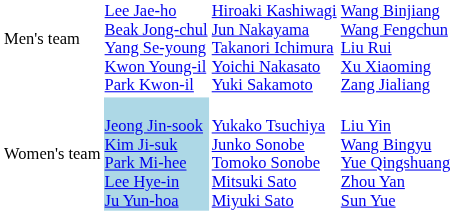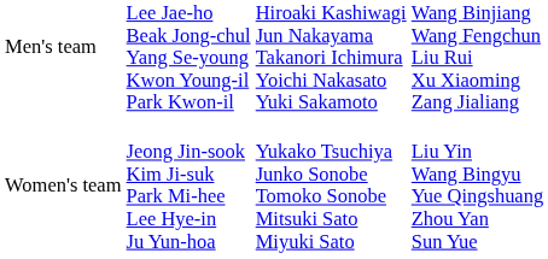 <table>
 <tr>
 <td>Men's team<br></td>
 <td><br><a href='#'>Lee Jae-ho</a><br><a href='#'>Beak Jong-chul</a><br><a href='#'>Yang Se-young</a><br><a href='#'>Kwon Young-il</a><br><a href='#'>Park Kwon-il</a></td>
 <td><br><a href='#'>Hiroaki Kashiwagi</a><br><a href='#'>Jun Nakayama</a><br><a href='#'>Takanori Ichimura</a><br><a href='#'>Yoichi Nakasato</a><br><a href='#'>Yuki Sakamoto</a></td>
 <td><br><a href='#'>Wang Binjiang</a><br><a href='#'>Wang Fengchun</a><br><a href='#'>Liu Rui</a><br><a href='#'>Xu Xiaoming</a><br><a href='#'>Zang Jialiang</a></td>
 </tr>
 <tr>
 <td>Women's team<br></td>
-<td style="background: lightblue;"><br><a href='#'>Jeong Jin-sook</a><br><a href='#'>Kim Ji-suk</a><br><a href='#'>Park Mi-hee</a><br><a href='#'>Lee Hye-in</a><br><a href='#'>Ju Yun-hoa</a></td>
+<td><br><a href='#'>Jeong Jin-sook</a><br><a href='#'>Kim Ji-suk</a><br><a href='#'>Park Mi-hee</a><br><a href='#'>Lee Hye-in</a><br><a href='#'>Ju Yun-hoa</a></td>
 <td><br><a href='#'>Yukako Tsuchiya</a><br><a href='#'>Junko Sonobe</a><br><a href='#'>Tomoko Sonobe</a><br><a href='#'>Mitsuki Sato</a><br><a href='#'>Miyuki Sato</a></td>
 <td><br><a href='#'>Liu Yin</a><br><a href='#'>Wang Bingyu</a><br><a href='#'>Yue Qingshuang</a><br><a href='#'>Zhou Yan</a><br><a href='#'>Sun Yue</a></td>
 </tr>
 </table>
